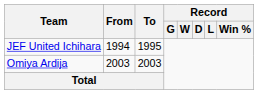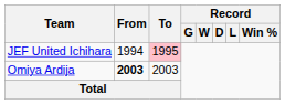 <table class="wikitable" style="text-align: center">
 <tr>
 <th rowspan="2">Team</th>
 <th rowspan="2">From</th>
 <th rowspan="2">To</th>
 <th colspan="5">Record</th>
 </tr>
 <tr>
 <th>G</th>
 <th>W</th>
 <th>D</th>
 <th>L</th>
 <th>Win %</th>
 </tr>
 <tr>
 <td align="left"><a href='#'>JEF United Ichihara</a></td>
 <td align="left">1994</td>
-<td align="left">1995<br></td>
+<td align="left" style="background: pink;">1995<br></td>
 </tr>
 <tr>
 <td align="left"><a href='#'>Omiya Ardija</a></td>
-<td align="left">2003</td>
+<td align="left"><strong>2003</strong></td>
 <td align="left">2003<br></td>
 </tr>
 <tr>
 <th colspan="3">Total<br></th>
 </tr>
 </table>
